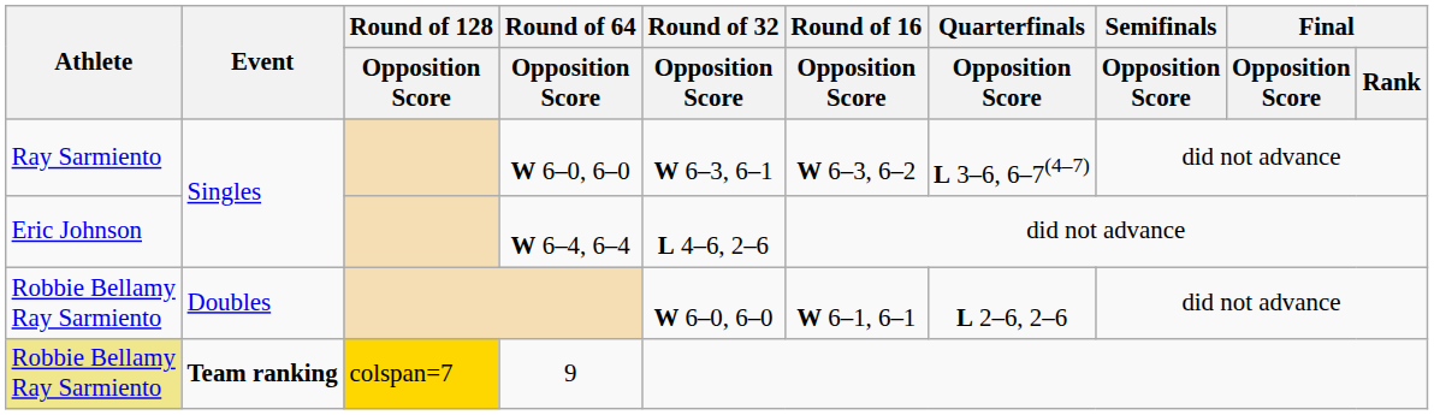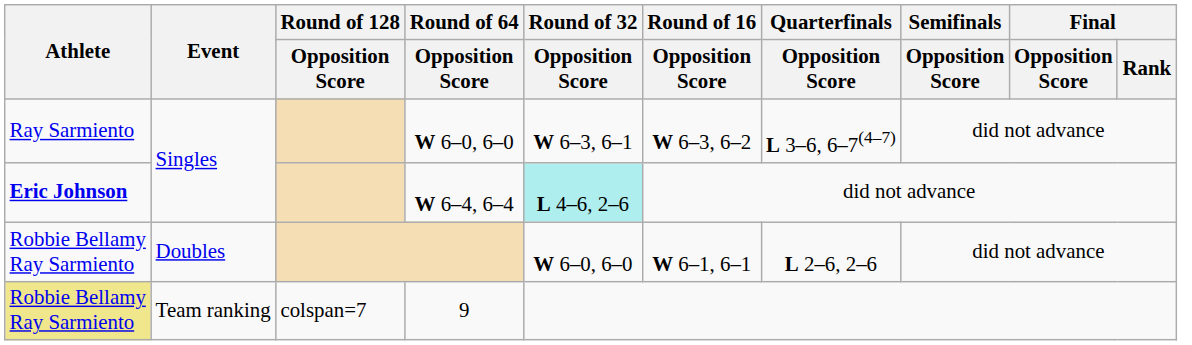 <table class="wikitable" border="1" style="font-size:90%">
 <tr>
 <th rowspan=2>Athlete</th>
 <th rowspan=2>Event</th>
 <th>Round of 128</th>
 <th>Round of 64</th>
 <th>Round of 32</th>
 <th>Round of 16</th>
 <th>Quarterfinals</th>
 <th>Semifinals</th>
 <th colspan=2>Final</th>
 </tr>
 <tr>
 <th>Opposition<br>Score</th>
 <th>Opposition<br>Score</th>
 <th>Opposition<br>Score</th>
 <th>Opposition<br>Score</th>
 <th>Opposition<br>Score</th>
 <th>Opposition<br>Score</th>
 <th>Opposition<br>Score</th>
 <th>Rank</th>
 </tr>
 <tr>
 <td><a href='#'>Ray Sarmiento</a></td>
 <td rowspan=2><a href='#'>Singles</a></td>
 <td colspan=1 bgcolor=wheat></td>
 <td align=center><br><strong>W</strong> 6–0, 6–0</td>
 <td align=center><br><strong>W</strong> 6–3, 6–1</td>
 <td align=center><br><strong>W</strong> 6–3, 6–2</td>
 <td align=center><br><strong>L</strong> 3–6, 6–7<sup>(4–7)</sup></td>
 <td align=center colspan=3>did not advance</td>
 </tr>
 <tr>
-<td><a href='#'>Eric Johnson</a></td>
+<td><strong><a href='#'>Eric Johnson</a></strong></td>
 <td colspan=1 bgcolor=wheat></td>
 <td align=center><br><strong>W</strong> 6–4, 6–4</td>
-<td align=center><br><strong>L</strong> 4–6, 2–6</td>
+<td align=center style="background: paleturquoise;"><br><strong>L</strong> 4–6, 2–6</td>
 <td align=center colspan=5>did not advance</td>
 </tr>
 <tr>
 <td><a href='#'>Robbie Bellamy</a> <br> <a href='#'>Ray Sarmiento</a></td>
 <td><a href='#'>Doubles</a></td>
 <td colspan=2 bgcolor=wheat></td>
 <td align=center><br><strong>W</strong> 6–0, 6–0</td>
 <td align=center><br><strong>W</strong> 6–1, 6–1</td>
 <td align=center><br><strong>L</strong> 2–6, 2–6</td>
 <td align=center colspan=3>did not advance</td>
 </tr>
 <tr>
 <td style="background: khaki;"><a href='#'>Robbie Bellamy</a> <br> <a href='#'>Ray Sarmiento</a></td>
-<td><strong>Team ranking</strong></td>
-<td style="background: gold;">colspan=7 </td>
+<td>Team ranking</td>
+<td>colspan=7 </td>
 <td align=center>9</td>
 </tr>
 </table>
